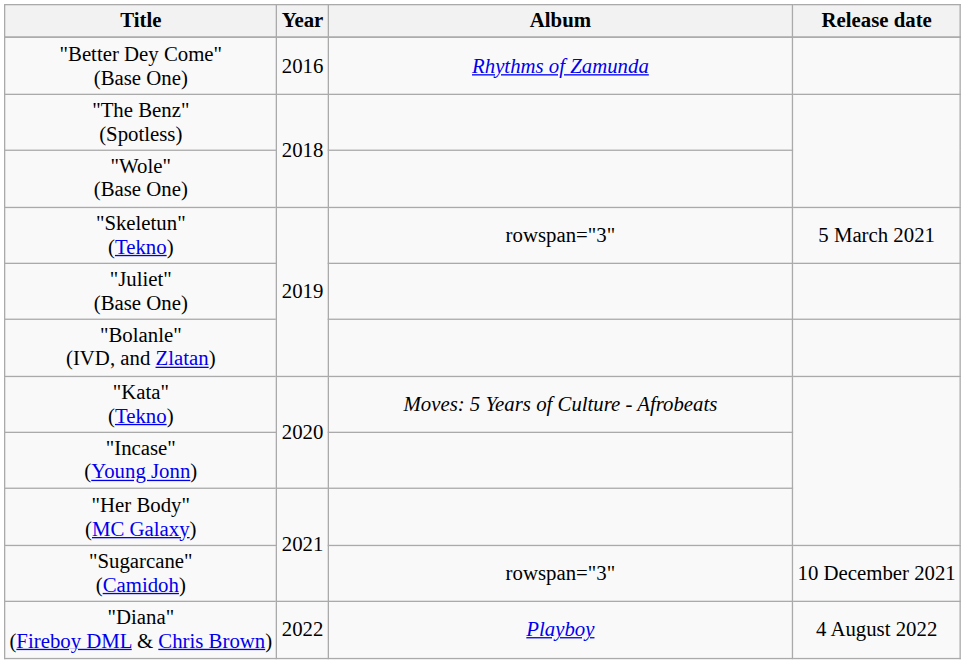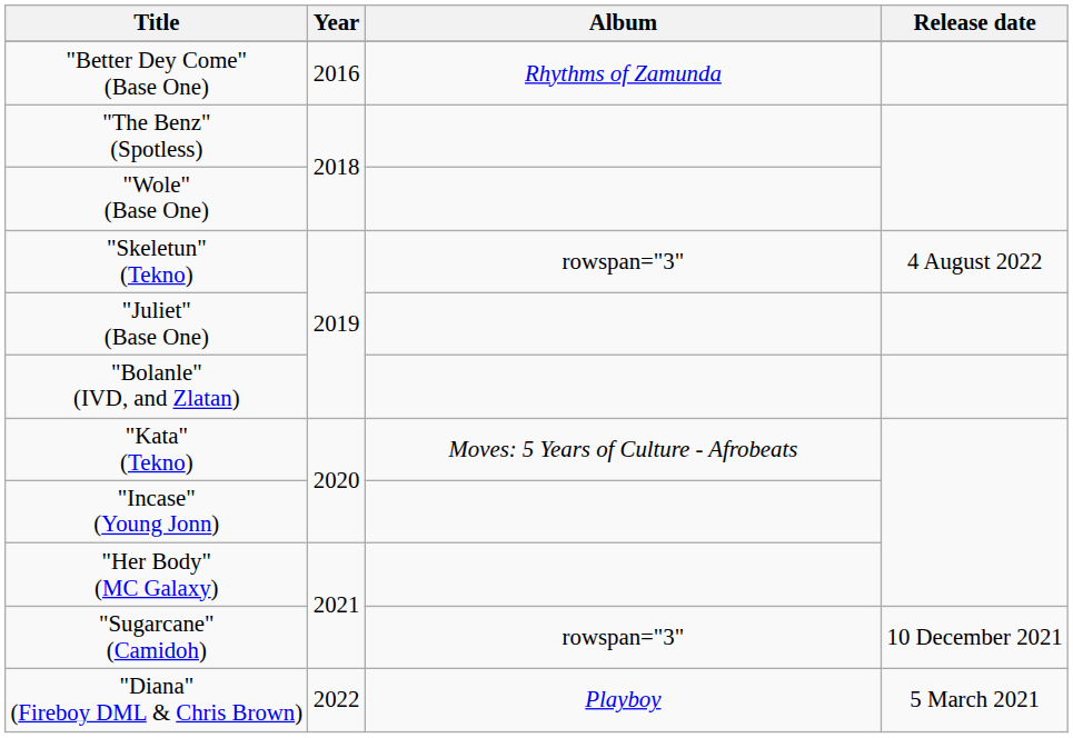 <table class="wikitable plainrowheaders" style="text-align:center;" border="1">
 <tr>
 <th>Title</th>
 <th>Year</th>
 <th width="350">Album</th>
 <th>Release date</th>
 </tr>
 <tr>
 </tr>
 <tr>
 <td>"Better Dey Come" <br><span>(Base One)</span></td>
 <td rowspan="1">2016</td>
 <td><em><a href='#'>Rhythms of Zamunda</a></em></td>
 <td></td>
 </tr>
 <tr>
 <td>"The Benz" <br><span>(Spotless)</span></td>
 <td rowspan="2">2018</td>
 <td></td>
 </tr>
 <tr>
 <td>"Wole" <br><span>(Base One)</span></td>
 <td></td>
 </tr>
 <tr>
 <td>"Skeletun" <br><span>(<a href='#'>Tekno</a>)</span></td>
 <td rowspan="3">2019</td>
 <td>rowspan="3" </td>
-<td>5 March 2021</td>
+<td>4 August 2022</td>
 </tr>
 <tr>
 <td>"Juliet" <br><span>(Base One)</span></td>
 <td></td>
 <td></td>
 </tr>
 <tr>
 <td>"Bolanle" <br><span>(IVD, and <a href='#'>Zlatan</a>)</span></td>
 <td></td>
 <td></td>
 </tr>
 <tr>
 <td>"Kata" <br><span>(<a href='#'>Tekno</a>)</span></td>
 <td rowspan="2">2020</td>
 <td><em>Moves: 5 Years of Culture - Afrobeats</em></td>
 </tr>
 <tr>
 <td>"Incase" <br><span>(<a href='#'>Young Jonn</a>)</span></td>
 <td></td>
 </tr>
 <tr>
 <td>"Her Body" <br><span>(<a href='#'>MC Galaxy</a>)</span></td>
 <td rowspan="2">2021</td>
 <td></td>
 </tr>
 <tr>
 <td>"Sugarcane" <br><span>(<a href='#'>Camidoh</a>)</span></td>
 <td>rowspan="3" </td>
 <td>10 December 2021</td>
 </tr>
 <tr>
 <td>"Diana" <br><span>(<a href='#'>Fireboy DML</a> & <a href='#'>Chris Brown</a>)</span></td>
 <td>2022</td>
 <td><em><a href='#'>Playboy</a></em></td>
-<td>4 August 2022</td>
+<td>5 March 2021</td>
 </tr>
 </table>
